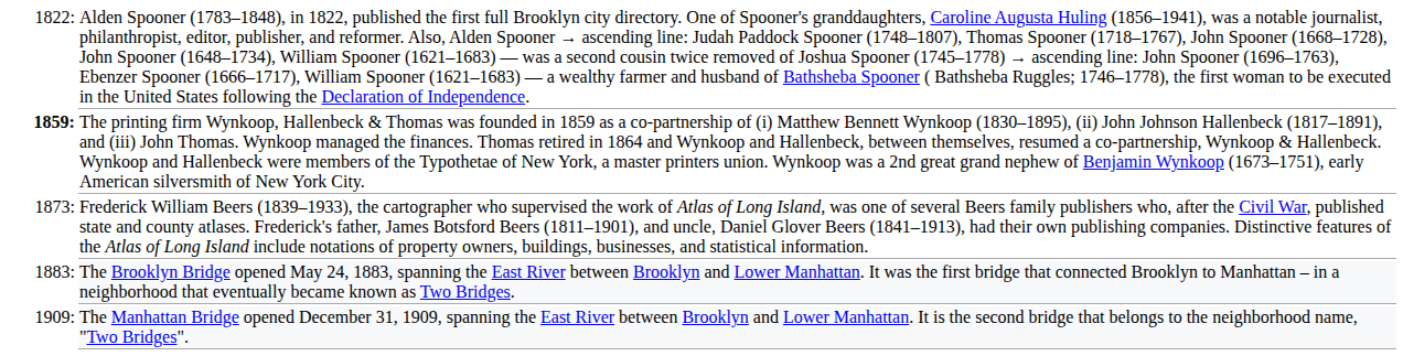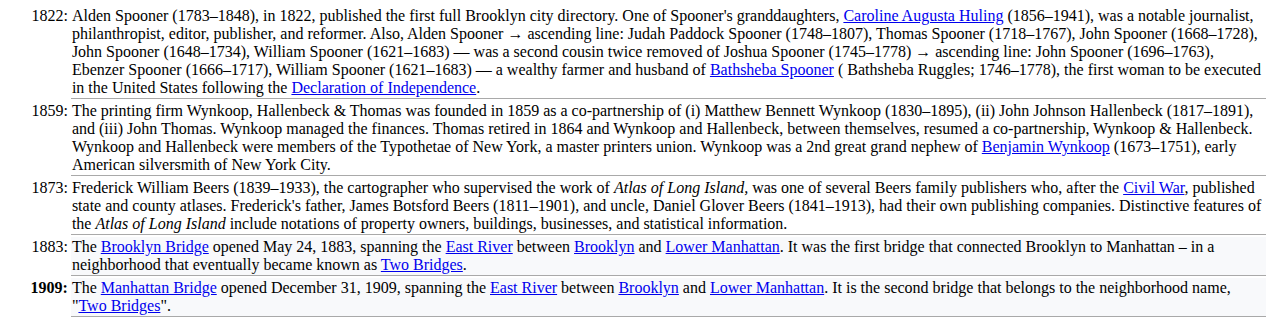 <table valign="top"; border="0" cellpadding="1" style="color:black; background-color: #FFFFFF">
 <tr valign="top">
 <td width="5%" style="text-align:right">1822:</td>
 <td width="95%" style="text-align:left; border: 1px darkgray; border-style: none none solid none; background-color: white;">Alden Spooner (1783–1848), in 1822, published the first full Brooklyn city directory. One of Spooner's granddaughters, <a href='#'>Caroline Augusta Huling</a> (1856–1941), was a notable journalist, philanthropist, editor, publisher, and reformer. Also, Alden Spooner → ascending line: Judah Paddock Spooner (1748–1807), Thomas Spooner (1718–1767), John Spooner (1668–1728), John Spooner (1648–1734), William Spooner (1621–1683) — was a second cousin twice removed of Joshua Spooner (1745–1778) → ascending line: John Spooner (1696–1763), Ebenzer Spooner (1666–1717), William Spooner (1621–1683) — a wealthy farmer and husband of <a href='#'>Bathsheba Spooner</a> ( Bathsheba Ruggles; 1746–1778), the first woman to be executed in the United States following the <a href='#'>Declaration of Independence</a>.</td>
 </tr>
 <tr valign="top">
-<td width="5%" style="text-align:right"><strong>1859:</strong></td>
+<td width="5%" style="text-align:right">1859:</td>
 <td width="95%" style="text-align:left; border: 1px darkgray; border-style: none none solid none; background-color: white;">The printing firm Wynkoop, Hallenbeck & Thomas was founded in 1859 as a co-partnership of (i) Matthew Bennett Wynkoop (1830–1895), (ii) John Johnson Hallenbeck (1817–1891), and (iii) John Thomas. Wynkoop managed the finances. Thomas retired in 1864 and Wynkoop and Hallenbeck, between themselves, resumed a co-partnership, Wynkoop & Hallenbeck. Wynkoop and Hallenbeck were members of the Typothetae of New York, a master printers union. Wynkoop was a 2nd great grand nephew of <a href='#'>Benjamin Wynkoop</a> (1673–1751), early American silversmith of New York City.</td>
 </tr>
 <tr valign="top">
 <td width="5%" style="text-align:right">1873:</td>
 <td width="95%" style="text-align:left; border: 1px darkgray; border-style: none none solid none; background-color: white;">Frederick William Beers (1839–1933), the cartographer who supervised the work of <em>Atlas of Long Island,</em> was one of several Beers family publishers who, after the <a href='#'>Civil War</a>, published state and county atlases. Frederick's father, James Botsford Beers (1811–1901), and uncle, Daniel Glover Beers (1841–1913), had their own publishing companies. Distinctive features of the <em>Atlas of Long Island</em> include notations of property owners, buildings, businesses, and statistical information.</td>
 </tr>
 <tr valign="top">
 <td width="5%" style="text-align:right">1883:</td>
 <td width="95%" style="text-align:left; border: 1px darkgray; border-style: none none solid none; background-color: #F8F9FB;">The <a href='#'>Brooklyn Bridge</a> opened May 24, 1883, spanning the <a href='#'>East River</a> between <a href='#'>Brooklyn</a> and <a href='#'>Lower Manhattan</a>. It was the first bridge that connected Brooklyn to Manhattan – in a neighborhood that eventually became known as <a href='#'>Two Bridges</a>.</td>
 </tr>
 <tr valign="top">
-<td width="5%" style="text-align:right">1909:</td>
+<td width="5%" style="text-align:right"><strong>1909:</strong></td>
 <td width="95%" style="text-align:left; border: 1px darkgray; border-style: none none solid none; background-color: #F8F9FB;">The <a href='#'>Manhattan Bridge</a> opened December 31, 1909, spanning the <a href='#'>East River</a> between <a href='#'>Brooklyn</a> and <a href='#'>Lower Manhattan</a>. It is the second bridge that belongs to the neighborhood name, "<a href='#'>Two Bridges</a>".</td>
 </tr>
 </table>
